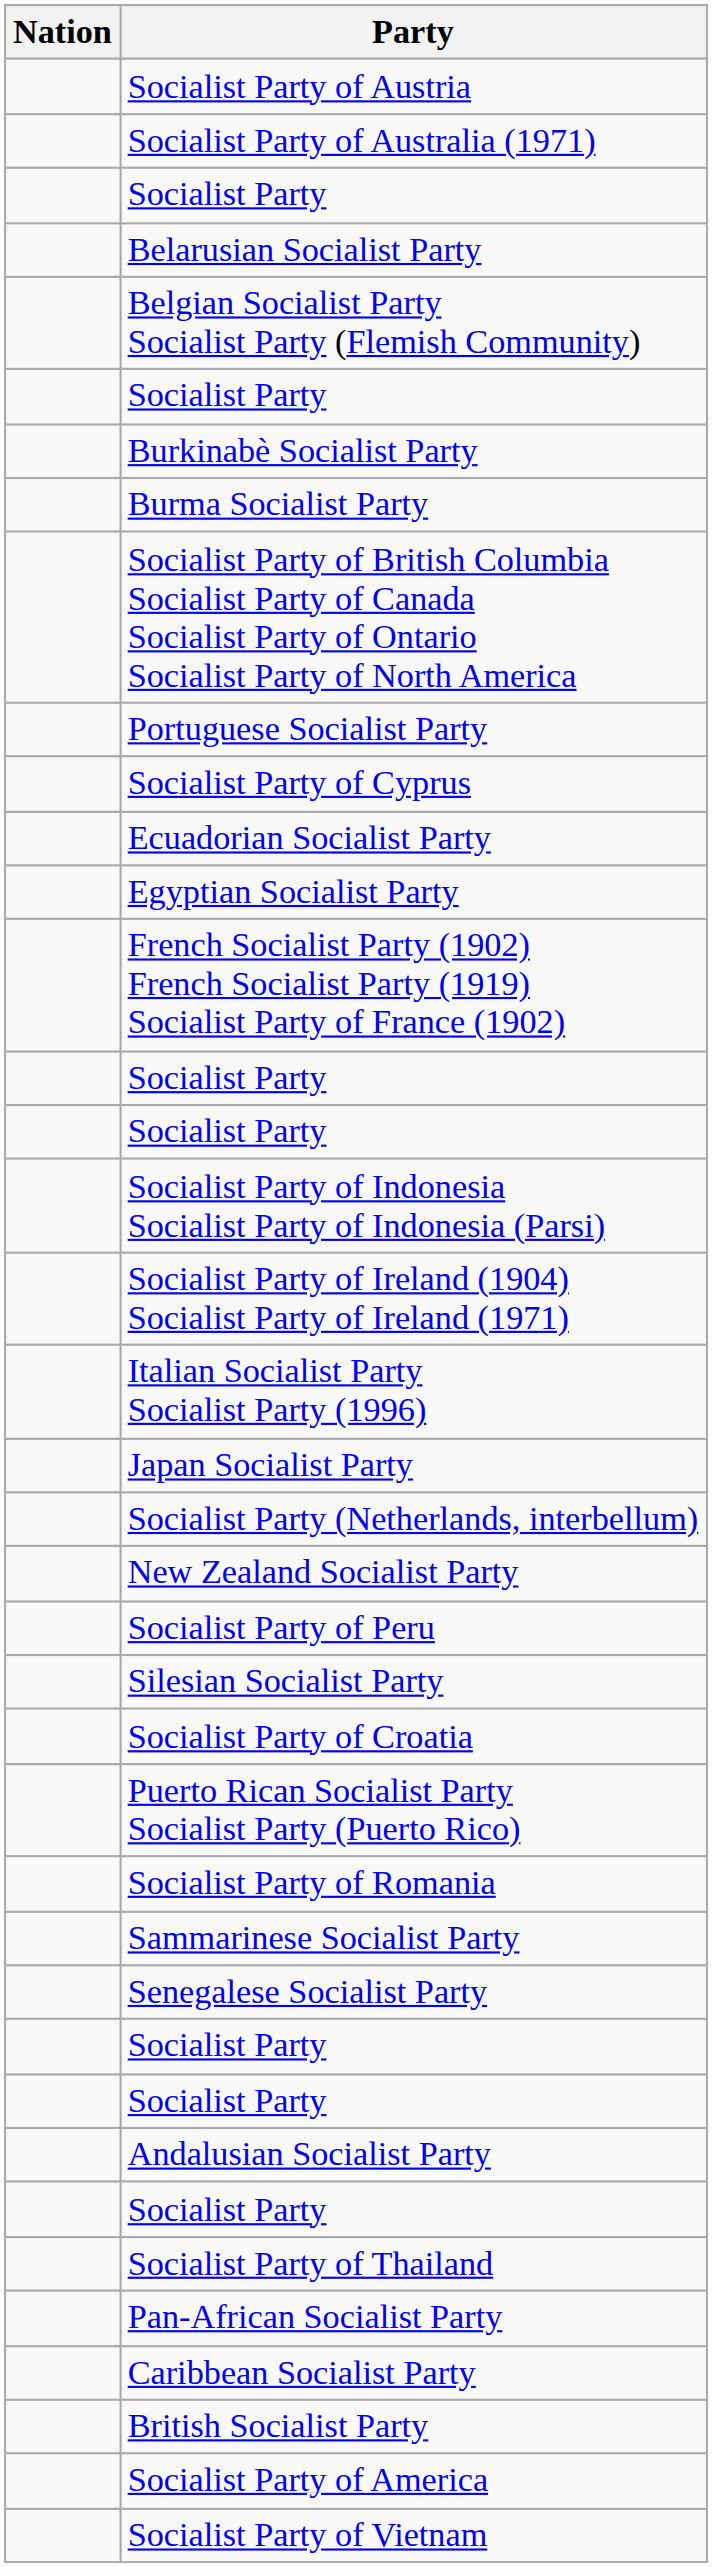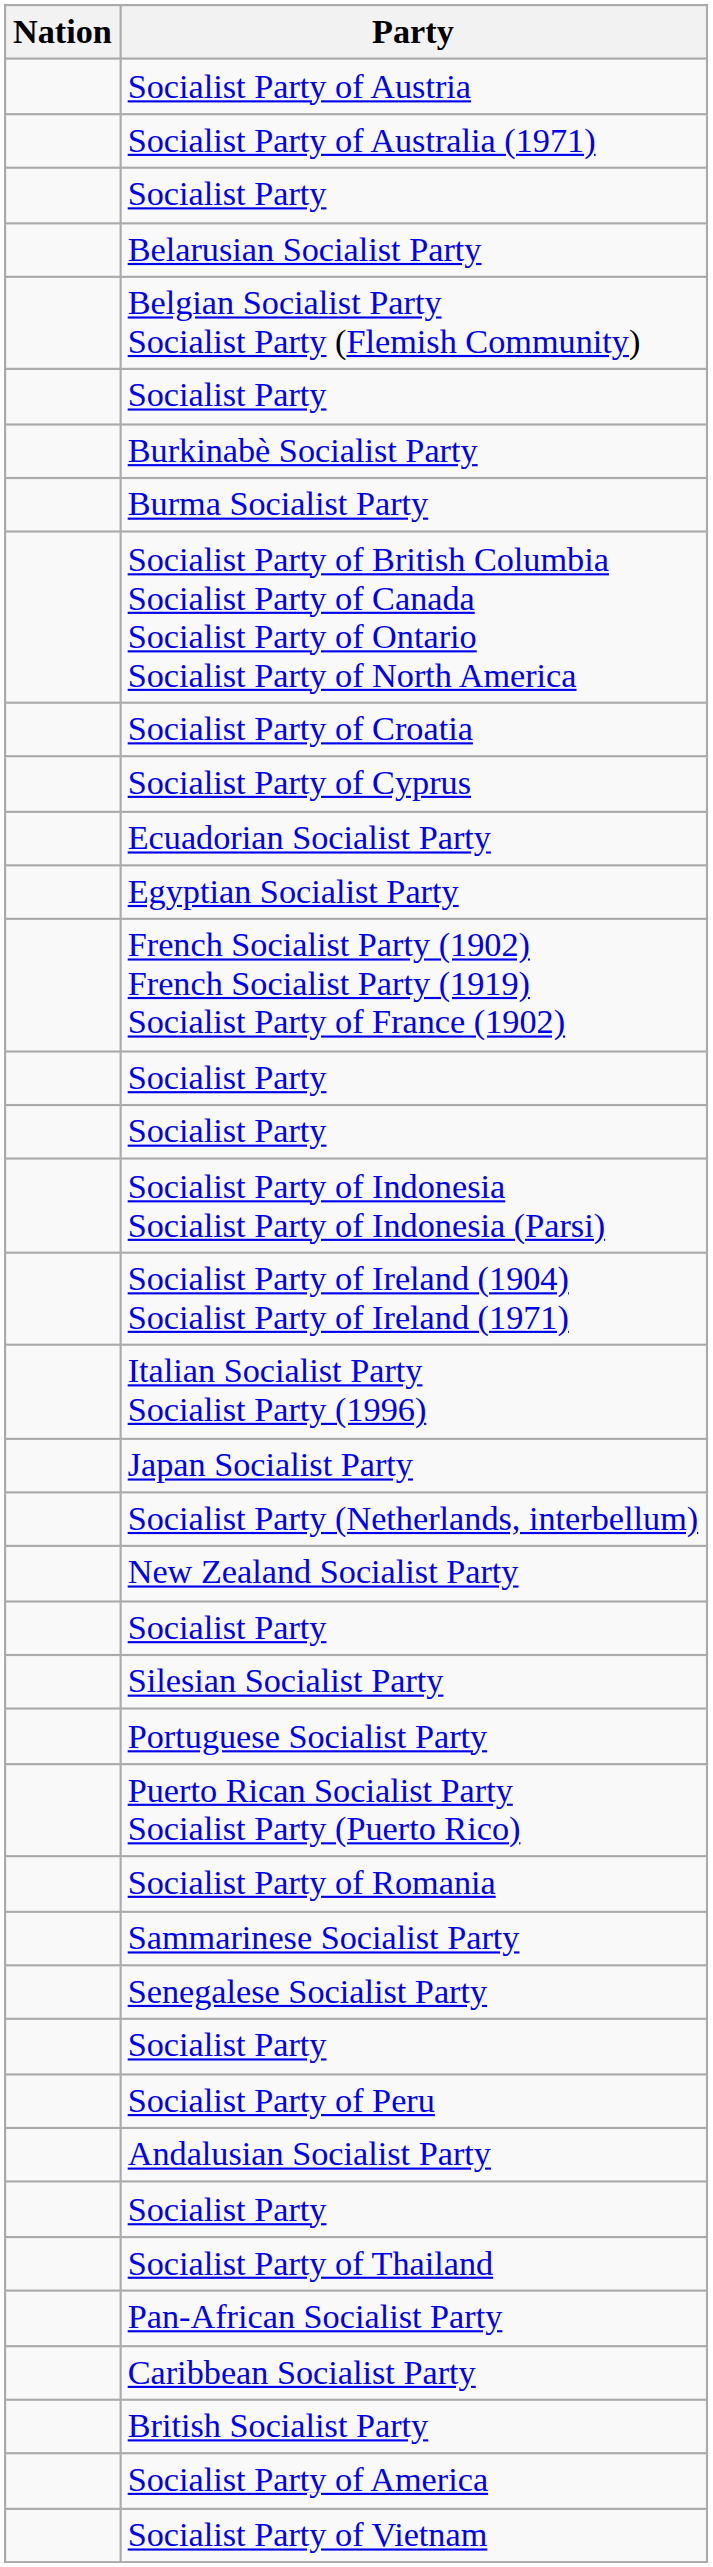 <table class="wikitable">
 <tr>
 <th>Nation</th>
 <th>Party</th>
 </tr>
 <tr>
 <td></td>
 <td><a href='#'>Socialist Party of Austria</a></td>
 </tr>
 <tr>
 <td></td>
 <td><a href='#'>Socialist Party of Australia (1971)</a></td>
 </tr>
 <tr>
 <td></td>
 <td><a href='#'>Socialist Party</a></td>
 </tr>
 <tr>
 <td></td>
 <td><a href='#'>Belarusian Socialist Party</a></td>
 </tr>
 <tr>
 <td></td>
 <td><a href='#'>Belgian Socialist Party</a><br><a href='#'>Socialist Party</a> (<a href='#'>Flemish Community</a>)</td>
 </tr>
 <tr>
 <td></td>
 <td><a href='#'>Socialist Party</a></td>
 </tr>
 <tr>
 <td></td>
 <td><a href='#'>Burkinabè Socialist Party</a></td>
 </tr>
 <tr>
 <td></td>
 <td><a href='#'>Burma Socialist Party</a></td>
 </tr>
 <tr>
 <td></td>
 <td><a href='#'>Socialist Party of British Columbia</a><br><a href='#'>Socialist Party of Canada</a><br><a href='#'>Socialist Party of Ontario</a><br><a href='#'>Socialist Party of North America</a></td>
 </tr>
 <tr>
 <td></td>
-<td><a href='#'>Portuguese Socialist Party</a></td>
+<td><a href='#'>Socialist Party of Croatia</a></td>
 </tr>
 <tr>
 <td></td>
 <td><a href='#'>Socialist Party of Cyprus</a></td>
 </tr>
 <tr>
 <td></td>
 <td><a href='#'>Ecuadorian Socialist Party</a></td>
 </tr>
 <tr>
 <td></td>
 <td><a href='#'>Egyptian Socialist Party</a></td>
 </tr>
 <tr>
 <td></td>
 <td><a href='#'>French Socialist Party (1902)</a><br><a href='#'>French Socialist Party (1919)</a><br><a href='#'>Socialist Party of France (1902)</a></td>
 </tr>
 <tr>
 <td></td>
 <td><a href='#'>Socialist Party</a></td>
 </tr>
 <tr>
 <td></td>
 <td><a href='#'>Socialist Party</a></td>
 </tr>
 <tr>
 <td></td>
 <td><a href='#'>Socialist Party of Indonesia</a><br><a href='#'>Socialist Party of Indonesia (Parsi)</a></td>
 </tr>
 <tr>
 <td></td>
 <td><a href='#'>Socialist Party of Ireland (1904)</a><br><a href='#'>Socialist Party of Ireland (1971)</a></td>
 </tr>
 <tr>
 <td></td>
 <td><a href='#'>Italian Socialist Party</a><br><a href='#'>Socialist Party (1996)</a></td>
 </tr>
 <tr>
 <td></td>
 <td><a href='#'>Japan Socialist Party</a></td>
 </tr>
 <tr>
 <td></td>
 <td><a href='#'>Socialist Party (Netherlands, interbellum)</a></td>
 </tr>
 <tr>
 <td></td>
 <td><a href='#'>New Zealand Socialist Party</a></td>
 </tr>
 <tr>
 <td></td>
-<td><a href='#'>Socialist Party of Peru</a></td>
+<td><a href='#'>Socialist Party</a></td>
 </tr>
 <tr>
 <td></td>
 <td><a href='#'>Silesian Socialist Party</a></td>
 </tr>
 <tr>
 <td></td>
-<td><a href='#'>Socialist Party of Croatia</a></td>
+<td><a href='#'>Portuguese Socialist Party</a></td>
 </tr>
 <tr>
 <td></td>
 <td><a href='#'>Puerto Rican Socialist Party</a><br><a href='#'>Socialist Party (Puerto Rico)</a></td>
 </tr>
 <tr>
 <td></td>
 <td><a href='#'>Socialist Party of Romania</a></td>
 </tr>
 <tr>
 <td></td>
 <td><a href='#'>Sammarinese Socialist Party</a></td>
 </tr>
 <tr>
 <td></td>
 <td><a href='#'>Senegalese Socialist Party</a></td>
 </tr>
 <tr>
 <td></td>
 <td><a href='#'>Socialist Party</a></td>
 </tr>
 <tr>
 <td></td>
-<td><a href='#'>Socialist Party</a></td>
+<td><a href='#'>Socialist Party of Peru</a></td>
 </tr>
 <tr>
 <td></td>
 <td><a href='#'>Andalusian Socialist Party</a></td>
 </tr>
 <tr>
 <td></td>
 <td><a href='#'>Socialist Party</a></td>
 </tr>
 <tr>
 <td></td>
 <td><a href='#'>Socialist Party of Thailand</a></td>
 </tr>
 <tr>
 <td></td>
 <td><a href='#'>Pan-African Socialist Party</a></td>
 </tr>
 <tr>
 <td></td>
 <td><a href='#'>Caribbean Socialist Party</a></td>
 </tr>
 <tr>
 <td></td>
 <td><a href='#'>British Socialist Party</a></td>
 </tr>
 <tr>
 <td></td>
 <td><a href='#'>Socialist Party of America</a></td>
 </tr>
 <tr>
 <td></td>
 <td><a href='#'>Socialist Party of Vietnam</a></td>
 </tr>
 <tr>
 </tr>
 </table>
